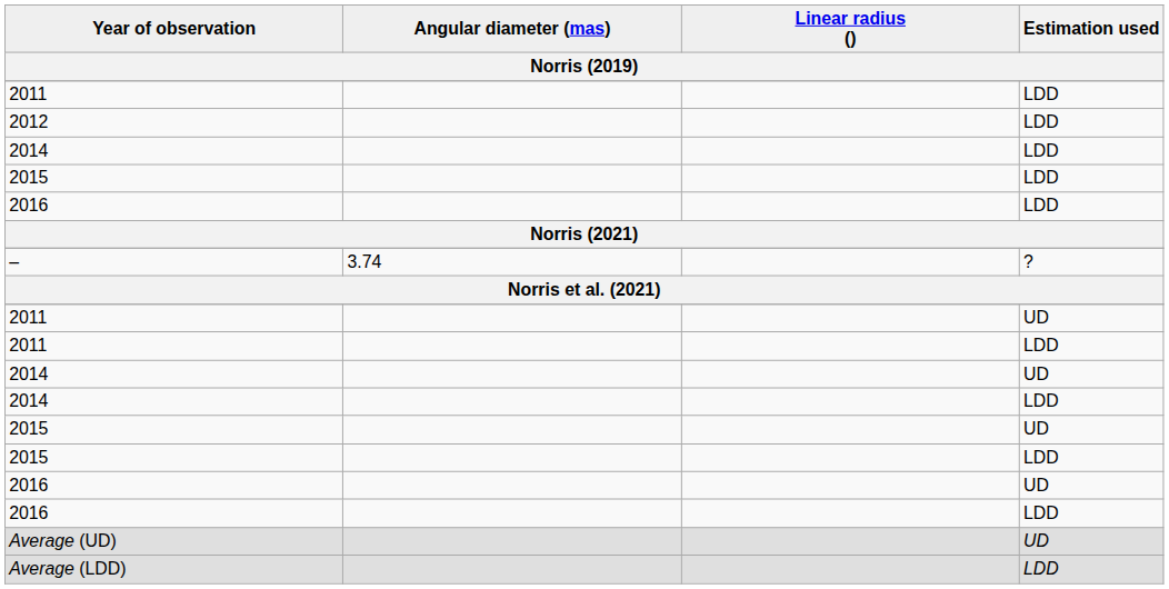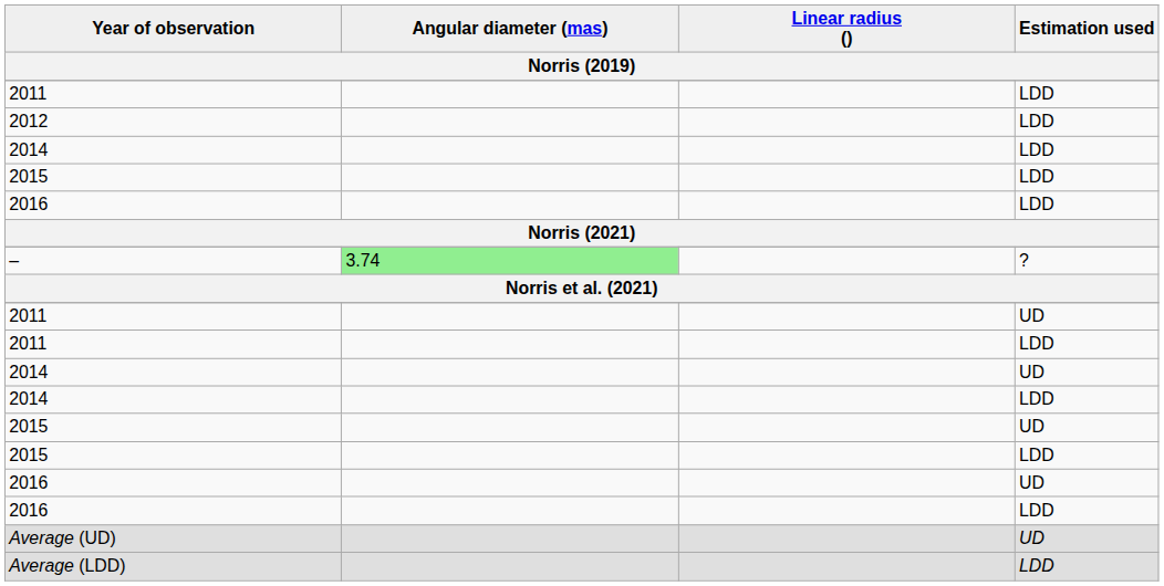 <table class="wikitable sortable">
 <tr>
 <th style="background:#efefef" width=300px>Year of observation</th>
 <th style="background:#efefef" width=300px>Angular diameter (<a href='#'>mas</a>)</th>
 <th style="background:#efefef" width=300px><a href='#'>Linear radius</a><br>(<a href='#'></a>)<br></th>
 <th style="background:#efefef width=300px">Estimation used</th>
 </tr>
 <tr>
 <th colspan="4">Norris (2019)</th>
 </tr>
 <tr>
 </tr>
 <tr>
 <td>2011</td>
 <td></td>
 <td></td>
 <td>LDD</td>
 </tr>
 <tr>
 <td>2012</td>
 <td></td>
 <td></td>
 <td>LDD</td>
 </tr>
 <tr>
 <td>2014</td>
 <td></td>
 <td></td>
 <td>LDD</td>
 </tr>
 <tr>
 <td>2015</td>
 <td></td>
 <td></td>
 <td>LDD</td>
 </tr>
 <tr>
 <td>2016</td>
 <td></td>
 <td></td>
 <td>LDD</td>
 </tr>
 <tr>
 <th colspan="4">Norris (2021)</th>
 </tr>
 <tr>
 </tr>
 <tr>
 <td>–</td>
-<td>3.74</td>
+<td style="background: lightgreen;">3.74</td>
 <td></td>
 <td>?</td>
 </tr>
 <tr>
 <th colspan="4">Norris et al. (2021)</th>
 </tr>
 <tr>
 </tr>
 <tr>
 <td>2011</td>
 <td></td>
 <td></td>
 <td>UD</td>
 </tr>
 <tr>
 <td>2011</td>
 <td></td>
 <td></td>
 <td>LDD</td>
 </tr>
 <tr>
 <td>2014</td>
 <td></td>
 <td></td>
 <td>UD</td>
 </tr>
 <tr>
 <td>2014</td>
 <td></td>
 <td></td>
 <td>LDD</td>
 </tr>
 <tr>
 <td>2015</td>
 <td></td>
 <td></td>
 <td>UD</td>
 </tr>
 <tr>
 <td>2015</td>
 <td></td>
 <td></td>
 <td>LDD</td>
 </tr>
 <tr>
 <td>2016</td>
 <td></td>
 <td></td>
 <td>UD</td>
 </tr>
 <tr>
 <td>2016</td>
 <td></td>
 <td></td>
 <td>LDD</td>
 </tr>
 <tr style="background:#dfdfdf">
 <td><em>Average</em> (UD)</td>
 <td><em></em></td>
 <td><em></em></td>
 <td><em>UD</em></td>
 </tr>
 <tr style="background:#dfdfdf">
 <td><em>Average</em> (LDD)</td>
 <td><em></em></td>
 <td><em></em></td>
 <td><em>LDD</em></td>
 </tr>
 </table>
